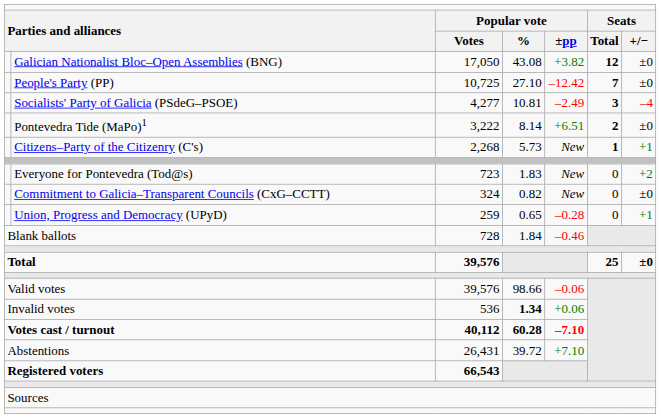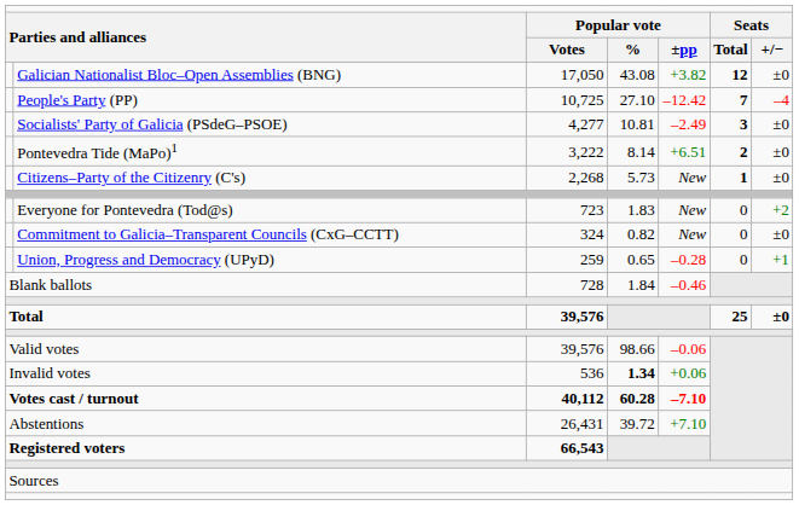 <table class="wikitable" style="text-align:right;">
 <tr>
 <td colspan="7"></td>
 </tr>
 <tr>
 <th style="text-align:left;" rowspan="2" colspan="2" width="525">Parties and alliances</th>
 <th colspan="3">Popular vote</th>
 <th colspan="2">Seats</th>
 </tr>
 <tr>
 <th width="75">Votes</th>
 <th width="45">%</th>
 <th width="45">±<a href='#'>pp</a></th>
 <th width="35">Total</th>
 <th width="35">+/−</th>
 </tr>
 <tr>
 <td width="1" style="color:inherit;background:"></td>
 <td align="left"><a href='#'>Galician Nationalist Bloc–Open Assemblies</a> (BNG)</td>
 <td>17,050</td>
 <td>43.08</td>
 <td style="color:green;">+3.82</td>
 <td><strong>12</strong></td>
 <td>±0</td>
 </tr>
 <tr>
 <td style="color:inherit;background:"></td>
 <td align="left"><a href='#'>People's Party</a> (PP)</td>
 <td>10,725</td>
 <td>27.10</td>
 <td style="color:red;">–12.42</td>
 <td><strong>7</strong></td>
-<td>±0</td>
+<td style="color:red;">–4</td>
 </tr>
 <tr>
 <td style="color:inherit;background:"></td>
 <td align="left"><a href='#'>Socialists' Party of Galicia</a> (PSdeG–PSOE)</td>
 <td>4,277</td>
 <td>10.81</td>
 <td style="color:red;">–2.49</td>
 <td><strong>3</strong></td>
-<td style="color:red;">–4</td>
+<td>±0</td>
 </tr>
 <tr>
 <td style="color:inherit;background:"></td>
 <td align="left">Pontevedra Tide (MaPo)<sup>1</sup></td>
 <td>3,222</td>
 <td>8.14</td>
 <td style="color:green;">+6.51</td>
 <td><strong>2</strong></td>
 <td>±0</td>
 </tr>
 <tr>
 <td style="color:inherit;background:"></td>
 <td align="left"><a href='#'>Citizens–Party of the Citizenry</a> (C's)</td>
 <td>2,268</td>
 <td>5.73</td>
 <td><em>New</em></td>
 <td><strong>1</strong></td>
-<td style="color:green;">+1</td>
+<td>±0</td>
 </tr>
 <tr>
 <td colspan="7" bgcolor="#C0C0C0"></td>
 </tr>
 <tr>
 <td style="color:inherit;background:"></td>
 <td align="left">Everyone for Pontevedra (Tod@s)</td>
 <td>723</td>
 <td>1.83</td>
 <td><em>New</em></td>
 <td>0</td>
 <td style="color:green;">+2</td>
 </tr>
 <tr>
 <td style="color:inherit;background:"></td>
 <td align="left"><a href='#'>Commitment to Galicia–Transparent Councils</a> (CxG–CCTT)</td>
 <td>324</td>
 <td>0.82</td>
 <td><em>New</em></td>
 <td>0</td>
 <td>±0</td>
 </tr>
 <tr>
 <td style="color:inherit;background:"></td>
 <td align="left"><a href='#'>Union, Progress and Democracy</a> (UPyD)</td>
 <td>259</td>
 <td>0.65</td>
 <td style="color:red;">–0.28</td>
 <td>0</td>
 <td style="color:green;">+1</td>
 </tr>
 <tr>
 <td align="left" colspan="2">Blank ballots</td>
 <td>728</td>
 <td>1.84</td>
 <td style="color:red;">–0.46</td>
 <td bgcolor="#E9E9E9" colspan="2"></td>
 </tr>
 <tr>
 <td colspan="7" bgcolor="#E9E9E9"></td>
 </tr>
 <tr style="font-weight:bold;">
 <td align="left" colspan="2">Total</td>
 <td>39,576</td>
 <td bgcolor="#E9E9E9" colspan="2"></td>
 <td>25</td>
 <td>±0</td>
 </tr>
 <tr>
 <td colspan="7" bgcolor="#E9E9E9"></td>
 </tr>
 <tr>
 <td align="left" colspan="2">Valid votes</td>
 <td>39,576</td>
 <td>98.66</td>
 <td style="color:red;">–0.06</td>
 <td bgcolor="#E9E9E9" colspan="2" rowspan="5"></td>
 </tr>
 <tr>
 <td align="left" colspan="2">Invalid votes</td>
 <td>536</td>
 <td><strong>1.34</strong></td>
 <td style="color:green;">+0.06</td>
 </tr>
 <tr style="font-weight:bold;">
 <td align="left" colspan="2">Votes cast / turnout</td>
 <td>40,112</td>
 <td>60.28</td>
 <td style="color:red;">–7.10</td>
 </tr>
 <tr>
 <td align="left" colspan="2">Abstentions</td>
 <td>26,431</td>
 <td>39.72</td>
 <td style="color:green;">+7.10</td>
 </tr>
 <tr style="font-weight:bold;">
 <td align="left" colspan="2">Registered voters</td>
 <td>66,543</td>
 <td bgcolor="#E9E9E9" colspan="2"></td>
 </tr>
 <tr>
 <td colspan="7" bgcolor="#E9E9E9"></td>
 </tr>
 <tr>
 <td align="left" colspan="7">Sources</td>
 </tr>
 <tr>
 <td colspan="7" style="text-align:left; max-width:790px;"></td>
 </tr>
 </table>
